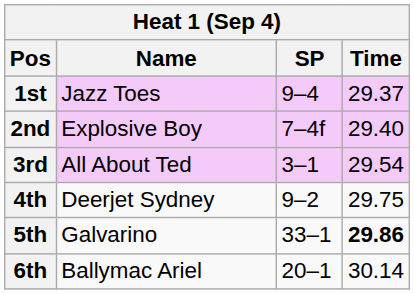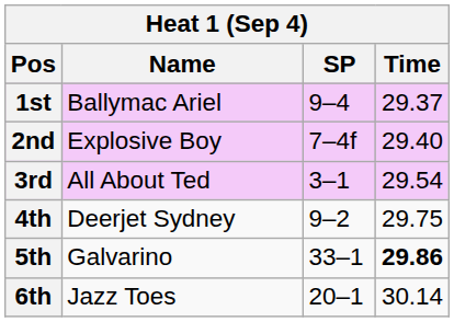 <table class="wikitable">
 <tr>
 <th colspan="6">Heat 1 (Sep 4)</th>
 </tr>
 <tr>
 <th width=20>Pos</th>
 <th width=150>Name</th>
 <th width=40>SP</th>
 <th width=40>Time</th>
 </tr>
 <tr style="background: #f4caf9;">
 <th>1st</th>
-<td>Jazz Toes</td>
+<td>Ballymac Ariel</td>
 <td>9–4</td>
 <td>29.37</td>
 </tr>
 <tr style="background: #f4caf9;">
 <th>2nd</th>
 <td>Explosive Boy</td>
 <td>7–4f</td>
 <td>29.40</td>
 </tr>
 <tr style="background: #f4caf9;">
 <th>3rd</th>
 <td>All About Ted</td>
 <td>3–1</td>
 <td>29.54</td>
 </tr>
 <tr>
 <th>4th</th>
 <td>Deerjet Sydney</td>
 <td>9–2</td>
 <td>29.75</td>
 </tr>
 <tr>
 <th>5th</th>
 <td>Galvarino</td>
 <td>33–1</td>
 <td><strong>29.86</strong></td>
 </tr>
 <tr>
 <th>6th</th>
-<td>Ballymac Ariel</td>
+<td>Jazz Toes</td>
 <td>20–1</td>
 <td>30.14</td>
 </tr>
 </table>
